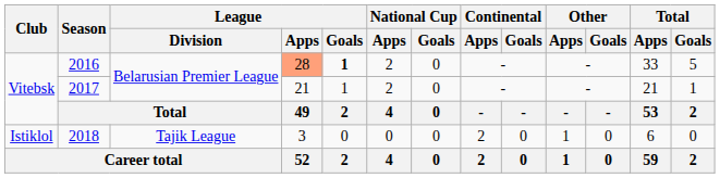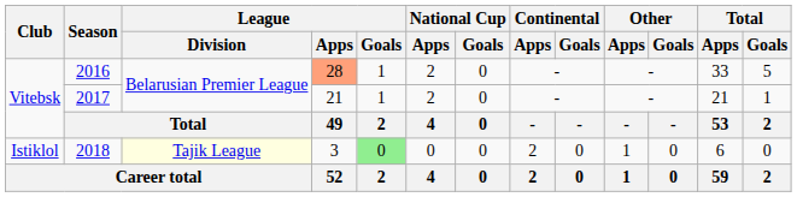 <table class="wikitable" style="text-align: center;">
 <tr>
 <th rowspan="2">Club</th>
 <th rowspan="2">Season</th>
 <th colspan="3">League</th>
 <th colspan="2">National Cup</th>
 <th colspan="2">Continental</th>
 <th colspan="2">Other</th>
 <th colspan="2">Total</th>
 </tr>
 <tr>
 <th>Division</th>
 <th>Apps</th>
 <th>Goals</th>
 <th>Apps</th>
 <th>Goals</th>
 <th>Apps</th>
 <th>Goals</th>
 <th>Apps</th>
 <th>Goals</th>
 <th>Apps</th>
 <th>Goals</th>
 </tr>
 <tr>
 <td rowspan="3"><a href='#'>Vitebsk</a></td>
 <td><a href='#'>2016</a></td>
 <td rowspan="2"><a href='#'>Belarusian Premier League</a></td>
 <td style="background: lightsalmon;">28</td>
-<td><strong>1</strong></td>
+<td>1</td>
 <td>2</td>
 <td>0</td>
 <td colspan="2">-</td>
 <td colspan="2">-</td>
 <td>33</td>
 <td>5</td>
 </tr>
 <tr>
 <td><a href='#'>2017</a></td>
 <td>21</td>
 <td>1</td>
 <td>2</td>
 <td>0</td>
 <td colspan="2">-</td>
 <td colspan="2">-</td>
 <td>21</td>
 <td>1</td>
 </tr>
 <tr>
 <th colspan="2">Total</th>
 <th>49</th>
 <th>2</th>
 <th>4</th>
 <th>0</th>
 <th>-</th>
 <th>-</th>
 <th>-</th>
 <th>-</th>
 <th>53</th>
 <th>2</th>
 </tr>
 <tr>
 <td rowspan="1"><a href='#'>Istiklol</a></td>
 <td><a href='#'>2018</a></td>
-<td rowspan="1"><a href='#'>Tajik League</a></td>
+<td rowspan="1" style="background: lightyellow;"><a href='#'>Tajik League</a></td>
 <td>3</td>
-<td>0</td>
+<td style="background: lightgreen;">0</td>
 <td>0</td>
 <td>0</td>
 <td>2</td>
 <td>0</td>
 <td>1</td>
 <td>0</td>
 <td>6</td>
 <td>0</td>
 </tr>
 <tr>
 <th colspan="3">Career total</th>
 <th>52</th>
 <th>2</th>
 <th>4</th>
 <th>0</th>
 <th>2</th>
 <th>0</th>
 <th>1</th>
 <th>0</th>
 <th>59</th>
 <th>2</th>
 </tr>
 </table>
